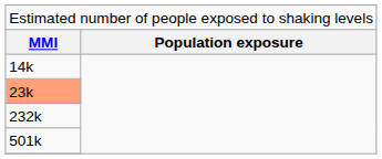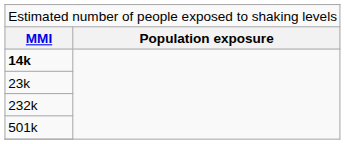 <table class="wikitable sortable plainrowheaders floatright" style="clear:right; margin-left:7px; margin-top:0; margin-right:0; margin-bottom:3px; font-size:80%;">
 <tr>
 <td colspan="2" style="text-align: center;">Estimated number of people exposed to shaking levels</td>
 </tr>
 <tr>
 <th><a href='#'>MMI</a></th>
 <th>Population exposure</th>
 </tr>
 <tr>
-<td>14k</td>
+<td><strong>14k</strong></td>
 </tr>
 <tr>
-<td style="background: lightsalmon;">23k</td>
+<td>23k</td>
 </tr>
 <tr>
 <td>232k</td>
 </tr>
 <tr>
 <td>501k</td>
 </tr>
 <tr>
 </tr>
 </table>
